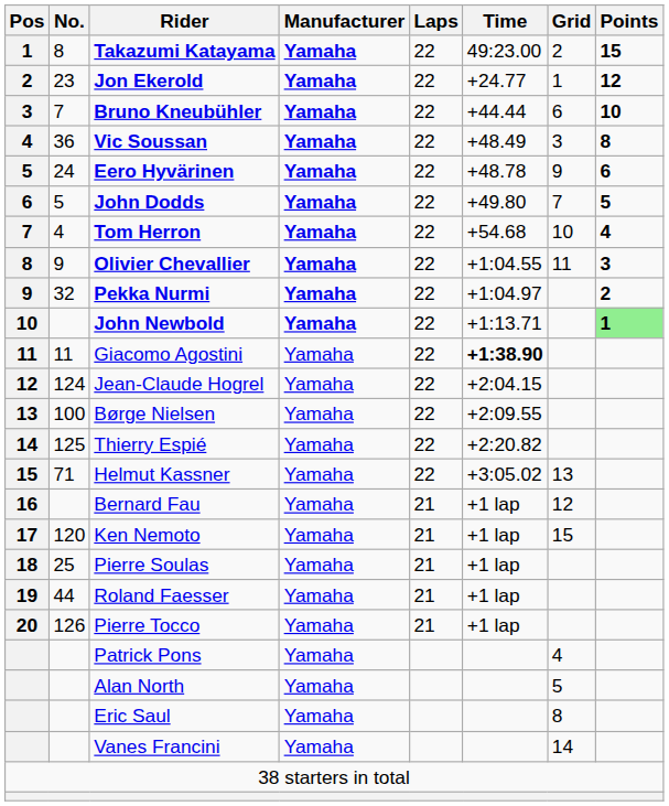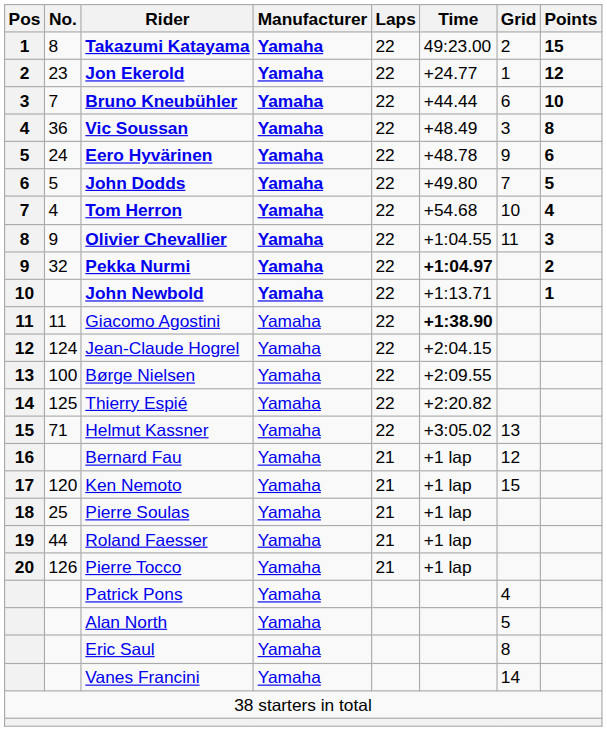 <table class="wikitable" style="font-size: 95%;">
 <tr>
 <th>Pos</th>
 <th>No.</th>
 <th>Rider</th>
 <th>Manufacturer</th>
 <th>Laps</th>
 <th>Time</th>
 <th>Grid</th>
 <th>Points</th>
 </tr>
 <tr>
 <th>1</th>
 <td>8</td>
 <td> <strong><a href='#'>Takazumi Katayama</a></strong></td>
 <td><strong><a href='#'>Yamaha</a></strong></td>
 <td>22</td>
 <td>49:23.00</td>
 <td>2</td>
 <td><strong>15</strong></td>
 </tr>
 <tr>
 <th>2</th>
 <td>23</td>
 <td> <strong><a href='#'>Jon Ekerold</a></strong></td>
 <td><strong><a href='#'>Yamaha</a></strong></td>
 <td>22</td>
 <td>+24.77</td>
 <td>1</td>
 <td><strong>12</strong></td>
 </tr>
 <tr>
 <th>3</th>
 <td>7</td>
 <td> <strong><a href='#'>Bruno Kneubühler</a></strong></td>
 <td><strong><a href='#'>Yamaha</a></strong></td>
 <td>22</td>
 <td>+44.44</td>
 <td>6</td>
 <td><strong>10</strong></td>
 </tr>
 <tr>
 <th>4</th>
 <td>36</td>
 <td> <strong><a href='#'>Vic Soussan</a></strong></td>
 <td><strong><a href='#'>Yamaha</a></strong></td>
 <td>22</td>
 <td>+48.49</td>
 <td>3</td>
 <td><strong>8</strong></td>
 </tr>
 <tr>
 <th>5</th>
 <td>24</td>
 <td> <strong><a href='#'>Eero Hyvärinen</a></strong></td>
 <td><strong><a href='#'>Yamaha</a></strong></td>
 <td>22</td>
 <td>+48.78</td>
 <td>9</td>
 <td><strong>6</strong></td>
 </tr>
 <tr>
 <th>6</th>
 <td>5</td>
 <td> <strong><a href='#'>John Dodds</a></strong></td>
 <td><strong><a href='#'>Yamaha</a></strong></td>
 <td>22</td>
 <td>+49.80</td>
 <td>7</td>
 <td><strong>5</strong></td>
 </tr>
 <tr>
 <th>7</th>
 <td>4</td>
 <td> <strong><a href='#'>Tom Herron</a></strong></td>
 <td><strong><a href='#'>Yamaha</a></strong></td>
 <td>22</td>
 <td>+54.68</td>
 <td>10</td>
 <td><strong>4</strong></td>
 </tr>
 <tr>
 <th>8</th>
 <td>9</td>
 <td> <strong><a href='#'>Olivier Chevallier</a></strong></td>
 <td><strong><a href='#'>Yamaha</a></strong></td>
 <td>22</td>
 <td>+1:04.55</td>
 <td>11</td>
 <td><strong>3</strong></td>
 </tr>
 <tr>
 <th>9</th>
 <td>32</td>
 <td> <strong><a href='#'>Pekka Nurmi</a></strong></td>
 <td><strong><a href='#'>Yamaha</a></strong></td>
 <td>22</td>
-<td>+1:04.97</td>
+<td><strong>+1:04.97</strong></td>
 <td></td>
 <td><strong>2</strong></td>
 </tr>
 <tr>
 <th>10</th>
 <td></td>
 <td> <strong><a href='#'>John Newbold</a></strong></td>
 <td><strong><a href='#'>Yamaha</a></strong></td>
 <td>22</td>
 <td>+1:13.71</td>
 <td></td>
-<td style="background: lightgreen;"><strong>1</strong></td>
+<td><strong>1</strong></td>
 </tr>
 <tr>
 <th>11</th>
 <td>11</td>
 <td> <a href='#'>Giacomo Agostini</a></td>
 <td><a href='#'>Yamaha</a></td>
 <td>22</td>
 <td><strong>+1:38.90</strong></td>
 <td></td>
 <td></td>
 </tr>
 <tr>
 <th>12</th>
 <td>124</td>
 <td> <a href='#'>Jean-Claude Hogrel</a></td>
 <td><a href='#'>Yamaha</a></td>
 <td>22</td>
 <td>+2:04.15</td>
 <td></td>
 <td></td>
 </tr>
 <tr>
 <th>13</th>
 <td>100</td>
 <td> <a href='#'>Børge Nielsen</a></td>
 <td><a href='#'>Yamaha</a></td>
 <td>22</td>
 <td>+2:09.55</td>
 <td></td>
 <td></td>
 </tr>
 <tr>
 <th>14</th>
 <td>125</td>
 <td> <a href='#'>Thierry Espié</a></td>
 <td><a href='#'>Yamaha</a></td>
 <td>22</td>
 <td>+2:20.82</td>
 <td></td>
 <td></td>
 </tr>
 <tr>
 <th>15</th>
 <td>71</td>
 <td> <a href='#'>Helmut Kassner</a></td>
 <td><a href='#'>Yamaha</a></td>
 <td>22</td>
 <td>+3:05.02</td>
 <td>13</td>
 <td></td>
 </tr>
 <tr>
 <th>16</th>
 <td></td>
 <td> <a href='#'>Bernard Fau</a></td>
 <td><a href='#'>Yamaha</a></td>
 <td>21</td>
 <td>+1 lap</td>
 <td>12</td>
 <td></td>
 </tr>
 <tr>
 <th>17</th>
 <td>120</td>
 <td> <a href='#'>Ken Nemoto</a></td>
 <td><a href='#'>Yamaha</a></td>
 <td>21</td>
 <td>+1 lap</td>
 <td>15</td>
 <td></td>
 </tr>
 <tr>
 <th>18</th>
 <td>25</td>
 <td> <a href='#'>Pierre Soulas</a></td>
 <td><a href='#'>Yamaha</a></td>
 <td>21</td>
 <td>+1 lap</td>
 <td></td>
 <td></td>
 </tr>
 <tr>
 <th>19</th>
 <td>44</td>
 <td> <a href='#'>Roland Faesser</a></td>
 <td><a href='#'>Yamaha</a></td>
 <td>21</td>
 <td>+1 lap</td>
 <td></td>
 <td></td>
 </tr>
 <tr>
 <th>20</th>
 <td>126</td>
 <td> <a href='#'>Pierre Tocco</a></td>
 <td><a href='#'>Yamaha</a></td>
 <td>21</td>
 <td>+1 lap</td>
 <td></td>
 <td></td>
 </tr>
 <tr>
 <th></th>
 <td></td>
 <td> <a href='#'>Patrick Pons</a></td>
 <td><a href='#'>Yamaha</a></td>
 <td></td>
 <td></td>
 <td>4</td>
 <td></td>
 </tr>
 <tr>
 <th></th>
 <td></td>
 <td> <a href='#'>Alan North</a></td>
 <td><a href='#'>Yamaha</a></td>
 <td></td>
 <td></td>
 <td>5</td>
 <td></td>
 </tr>
 <tr>
 <th></th>
 <td></td>
 <td> <a href='#'>Eric Saul</a></td>
 <td><a href='#'>Yamaha</a></td>
 <td></td>
 <td></td>
 <td>8</td>
 <td></td>
 </tr>
 <tr>
 <th></th>
 <td></td>
 <td> <a href='#'>Vanes Francini</a></td>
 <td><a href='#'>Yamaha</a></td>
 <td></td>
 <td></td>
 <td>14</td>
 <td></td>
 </tr>
 <tr>
 <td colspan=8 align=center>38 starters in total</td>
 </tr>
 <tr>
 <th colspan=8></th>
 </tr>
 </table>
